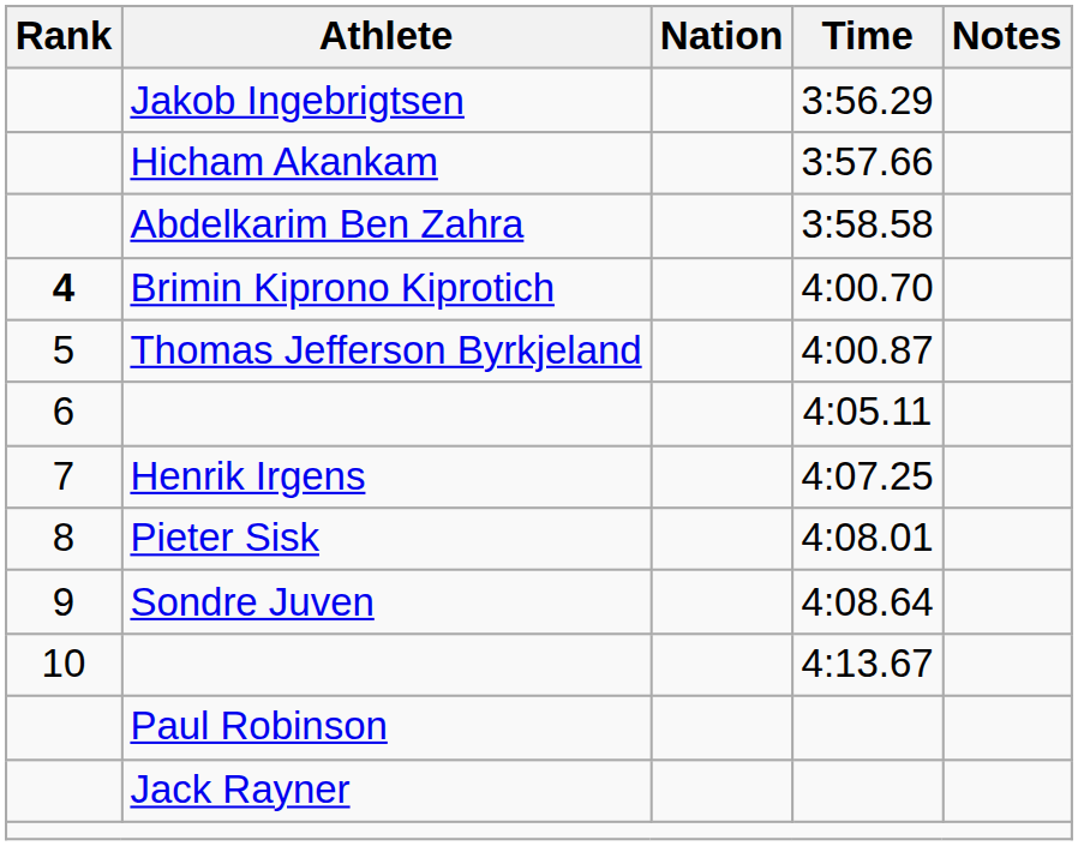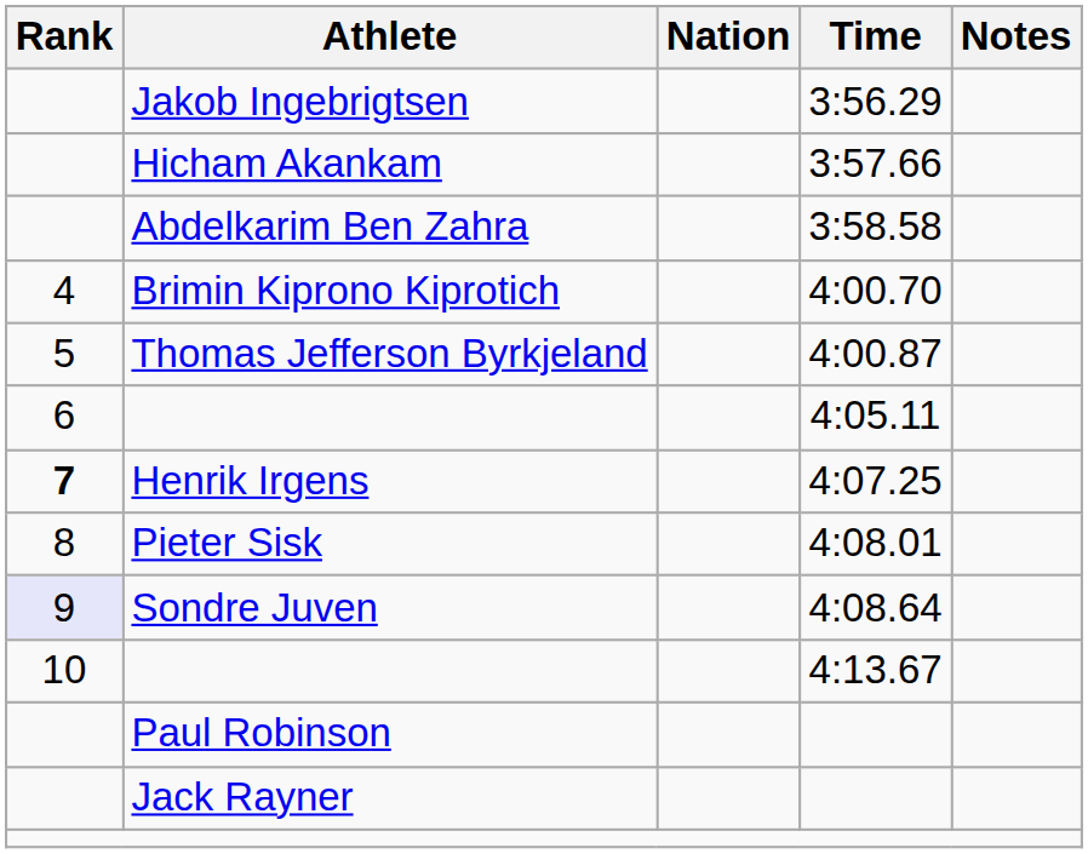 <table class="wikitable sortable" style="text-align:center;">
 <tr>
 <th scope="col" style="width: 10px;">Rank</th>
 <th scope="col">Athlete</th>
 <th scope="col">Nation</th>
 <th scope="col">Time</th>
 <th scope="col">Notes</th>
 </tr>
 <tr>
 <td></td>
 <td align=left><a href='#'>Jakob Ingebrigtsen</a></td>
 <td align=left></td>
 <td>3:56.29</td>
 <td></td>
 </tr>
 <tr>
 <td></td>
 <td align=left><a href='#'>Hicham Akankam</a></td>
 <td align=left></td>
 <td>3:57.66</td>
 <td></td>
 </tr>
 <tr>
 <td></td>
 <td align=left><a href='#'>Abdelkarim Ben Zahra</a></td>
 <td align=left></td>
 <td>3:58.58</td>
 <td></td>
 </tr>
 <tr>
-<td><strong>4</strong></td>
+<td>4</td>
 <td align=left><a href='#'>Brimin Kiprono Kiprotich</a></td>
 <td align=left></td>
 <td>4:00.70</td>
 <td></td>
 </tr>
 <tr>
 <td>5</td>
 <td align=left><a href='#'>Thomas Jefferson Byrkjeland</a></td>
 <td align=left></td>
 <td>4:00.87</td>
 <td></td>
 </tr>
 <tr>
 <td>6</td>
 <td align=left></td>
 <td align=left></td>
 <td>4:05.11</td>
 <td></td>
 </tr>
 <tr>
-<td>7</td>
+<td><strong>7</strong></td>
 <td align=left><a href='#'>Henrik Irgens</a></td>
 <td align=left></td>
 <td>4:07.25</td>
 <td></td>
 </tr>
 <tr>
 <td>8</td>
 <td align=left><a href='#'>Pieter Sisk</a></td>
 <td align=left></td>
 <td>4:08.01</td>
 <td></td>
 </tr>
 <tr>
-<td>9</td>
+<td style="background: lavender;">9</td>
 <td align=left><a href='#'>Sondre Juven</a></td>
 <td align=left></td>
 <td>4:08.64</td>
 <td></td>
 </tr>
 <tr>
 <td>10</td>
 <td align=left></td>
 <td align=left></td>
 <td>4:13.67</td>
 <td></td>
 </tr>
 <tr>
 <td></td>
 <td align="left"><a href='#'>Paul Robinson</a></td>
 <td align="left"></td>
 <td></td>
 <td></td>
 </tr>
 <tr>
 <td></td>
 <td align="left"><a href='#'>Jack Rayner</a></td>
 <td align="left"></td>
 <td></td>
 <td></td>
 </tr>
 <tr class="sortbottom">
 <td colspan="5"></td>
 </tr>
 </table>
